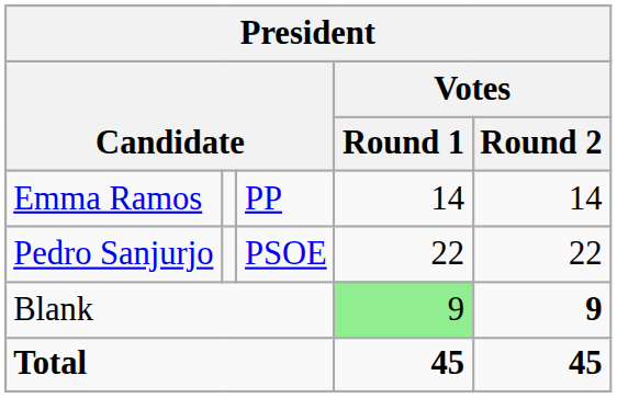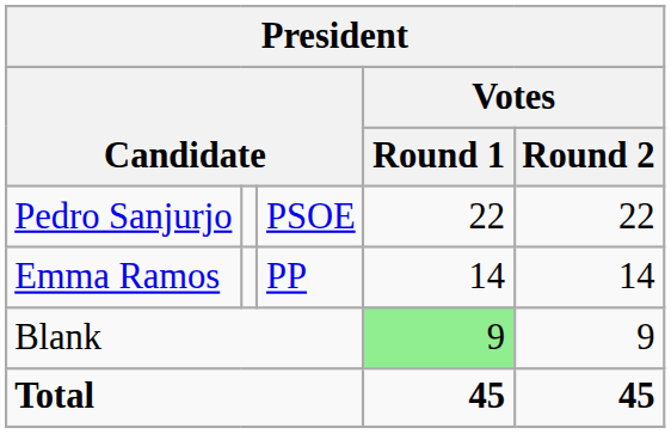 <table class="wikitable" style="font-size:90%; text-align:right;">
 <tr>
 <th colspan="5">President</th>
 </tr>
 <tr>
 <th colspan="3" rowspan="2" valign="bottom">Candidate</th>
 <th colspan="2">Votes</th>
 </tr>
 <tr>
 <th>Round 1</th>
 <th>Round 2</th>
 </tr>
 <tr>
+<td align=left><a href='#'>Pedro Sanjurjo</a></td>
+<td style="background:"></td>
+<td align=left><a href='#'>PSOE</a></td>
+<td>22</td>
+<td>22</td>
+</tr>
+<tr>
 <td align=left><a href='#'>Emma Ramos</a></td>
 <td style="background:"></td>
 <td align=left><a href='#'>PP</a></td>
 <td>14</td>
 <td>14</td>
 </tr>
 <tr>
-<td align=left><a href='#'>Pedro Sanjurjo</a></td>
-<td style="background:"></td>
-<td align=left><a href='#'>PSOE</a></td>
-<td>22</td>
-<td>22</td>
-</tr>
-<tr>
 <td align=left colspan="3">Blank</td>
 <td style="background: lightgreen;">9</td>
-<td><strong>9</strong></td>
+<td>9</td>
 </tr>
 <tr style="font-weight:bold">
 <td align=left colspan="3">Total</td>
 <td>45</td>
 <td>45</td>
 </tr>
 </table>
